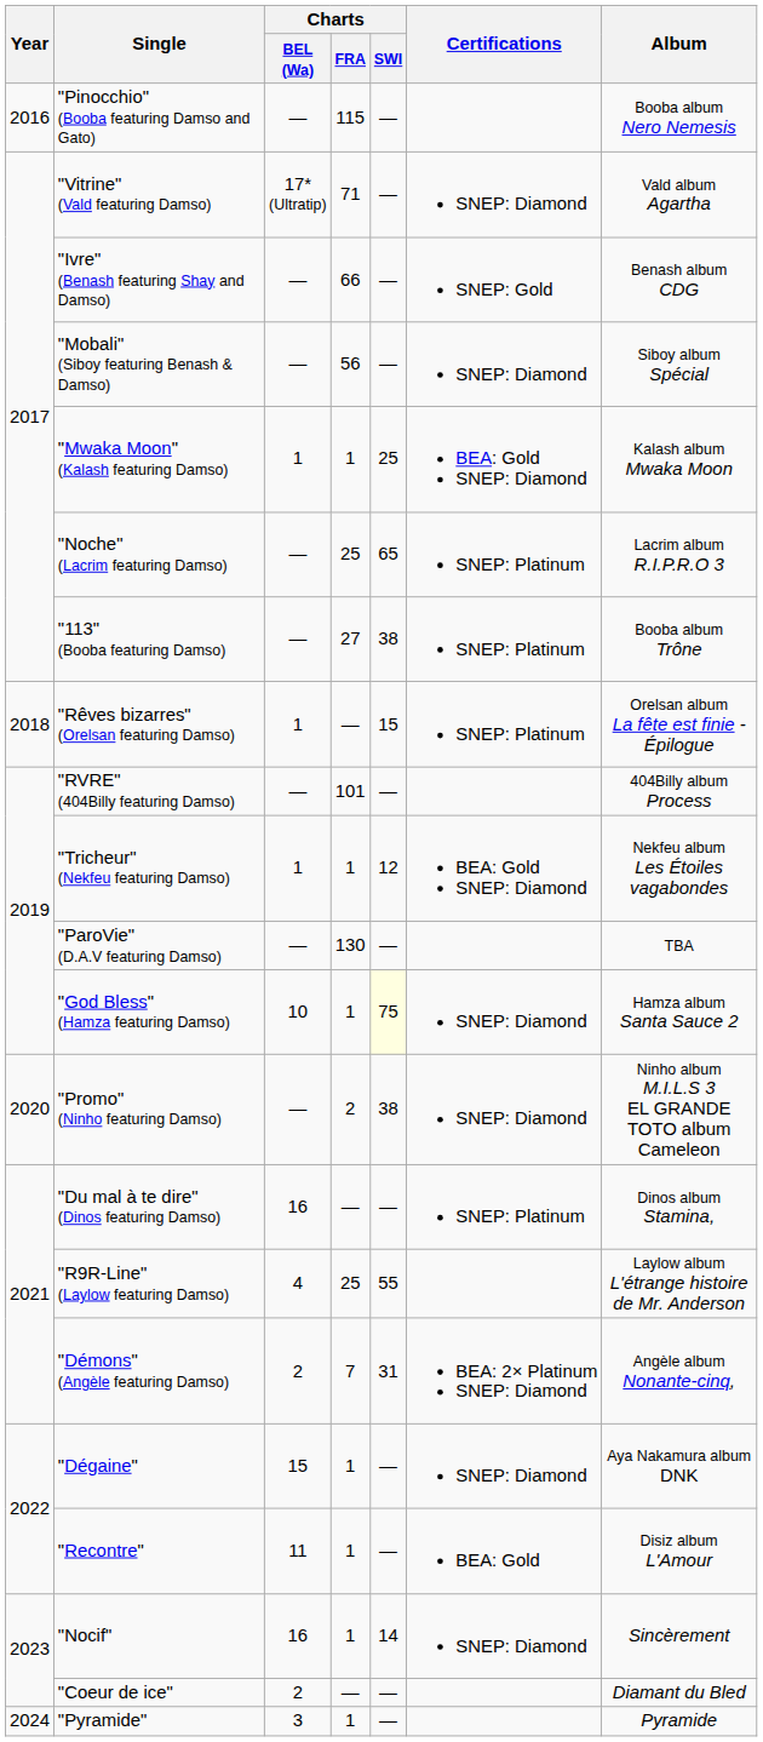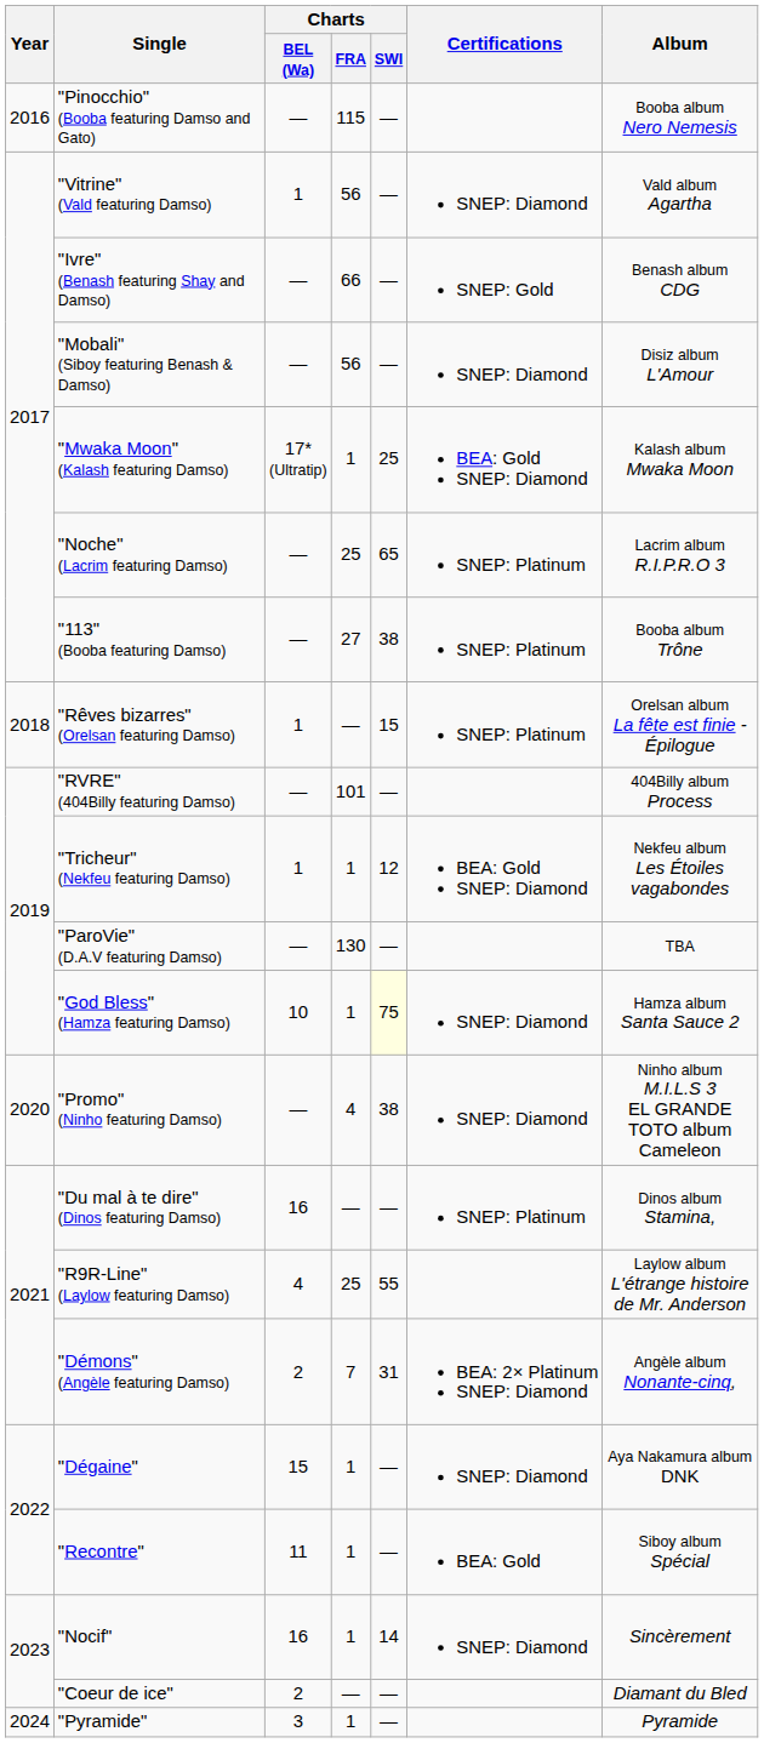 <table class="wikitable">
 <tr>
 <th style="text-align:center; width:10px" rowspan="2">Year</th>
 <th rowspan="2" style="text-align:center; width:180px;">Single</th>
 <th style="text-align:center;" colspan="3">Charts</th>
 <th align="center" rowspan="2"><a href='#'>Certifications</a></th>
 <th rowspan="2" style="text-align:center; width:130px;">Album</th>
 </tr>
 <tr>
 <th width="20"><small><a href='#'>BEL<br>(Wa)</a></small><br></th>
 <th width="20"><small><a href='#'>FRA</a></small><br></th>
 <th width="20"><small><a href='#'>SWI</a></small><br></th>
 </tr>
 <tr>
 <td style="text-align:center;">2016</td>
 <td>"Pinocchio"<br><small>(<a href='#'>Booba</a> featuring Damso and Gato)</small></td>
 <td style="text-align:center;">—</td>
 <td style="text-align:center;">115</td>
 <td style="text-align:center;">—</td>
 <td></td>
 <td style="text-align:center;"><small>Booba album</small> <br><em><a href='#'>Nero Nemesis</a></em></td>
 </tr>
 <tr>
 <td style="text-align:center;" rowspan="6">2017</td>
 <td>"Vitrine"<br><small>(<a href='#'>Vald</a> featuring Damso)</small></td>
-<td style="text-align:center;">17*<br><small>(Ultratip)</small></td>
-<td style="text-align:center;">71</td>
+<td style="text-align:center;">1</td>
+<td style="text-align:center;">56</td>
 <td style="text-align:center;">—</td>
 <td><br><ul><li>SNEP: Diamond</li></ul></td>
 <td style="text-align:center;"><small>Vald album</small> <br><em>Agartha</em></td>
 </tr>
 <tr>
 <td>"Ivre"<br><small>(<a href='#'>Benash</a> featuring <a href='#'>Shay</a> and Damso)</small></td>
 <td style="text-align:center;">—</td>
 <td style="text-align:center;">66</td>
 <td style="text-align:center;">—</td>
 <td><br><ul><li>SNEP: Gold</li></ul></td>
 <td style="text-align:center;"><small>Benash album</small> <br><em>CDG</em></td>
 </tr>
 <tr>
 <td>"Mobali"<br><small>(Siboy featuring Benash & Damso)</small></td>
 <td style="text-align:center;">—</td>
 <td style="text-align:center;">56</td>
 <td style="text-align:center;">—</td>
 <td><br><ul><li>SNEP: Diamond</li></ul></td>
-<td style="text-align:center;"><small>Siboy album</small> <br><em>Spécial</em></td>
+<td style="text-align:center;"><small>Disiz album</small> <br><em>L'Amour</em></td>
 </tr>
 <tr>
 <td>"<a href='#'>Mwaka Moon</a>"<br><small>(<a href='#'>Kalash</a> featuring Damso)</small></td>
-<td style="text-align:center;">1</td>
+<td style="text-align:center;">17*<br><small>(Ultratip)</small></td>
 <td style="text-align:center;">1</td>
 <td style="text-align:center;">25</td>
 <td><br><ul><li><a href='#'>BEA</a>: Gold</li><li>SNEP: Diamond</li></ul></td>
 <td style="text-align:center;"><small>Kalash album</small> <br><em>Mwaka Moon</em></td>
 </tr>
 <tr>
 <td>"Noche"<br><small>(<a href='#'>Lacrim</a> featuring Damso)</small></td>
 <td style="text-align:center;">—</td>
 <td style="text-align:center;">25</td>
 <td style="text-align:center;">65</td>
 <td><br><ul><li>SNEP: Platinum</li></ul></td>
 <td style="text-align:center;"><small>Lacrim album</small> <br><em>R.I.P.R.O 3</em></td>
 </tr>
 <tr>
 <td>"113"<br><small>(Booba featuring Damso)</small></td>
 <td style="text-align:center;">—</td>
 <td style="text-align:center;">27</td>
 <td style="text-align:center;">38</td>
 <td><br><ul><li>SNEP: Platinum</li></ul></td>
 <td style="text-align:center;"><small>Booba album</small> <br><em>Trône</em></td>
 </tr>
 <tr>
 <td style="text-align:center;">2018</td>
 <td>"Rêves bizarres"<br><small>(<a href='#'>Orelsan</a> featuring Damso)</small></td>
 <td style="text-align:center;">1</td>
 <td style="text-align:center;">—</td>
 <td style="text-align:center;">15</td>
 <td><br><ul><li>SNEP: Platinum</li></ul></td>
 <td style="text-align:center;"><small>Orelsan album</small> <br><em><a href='#'>La fête est finie</a> - Épilogue</em></td>
 </tr>
 <tr>
 <td style="text-align:center;" rowspan="4">2019</td>
 <td>"RVRE"<br><small>(404Billy featuring Damso)</small></td>
 <td style="text-align:center;">—</td>
 <td style="text-align:center;">101</td>
 <td style="text-align:center;">—</td>
 <td></td>
 <td style="text-align:center;"><small>404Billy album</small> <br><em>Process</em></td>
 </tr>
 <tr>
 <td>"Tricheur"<br><small>(<a href='#'>Nekfeu</a> featuring Damso)</small></td>
 <td style="text-align:center;">1</td>
 <td style="text-align:center;">1</td>
 <td style="text-align:center;">12</td>
 <td><br><ul><li>BEA: Gold</li><li>SNEP: Diamond</li></ul></td>
 <td style="text-align:center;"><small>Nekfeu album</small> <br><em>Les Étoiles vagabondes</em></td>
 </tr>
 <tr>
 <td>"ParoVie"<br><small>(D.A.V featuring Damso)</small></td>
 <td style="text-align:center;">—</td>
 <td style="text-align:center;">130</td>
 <td style="text-align:center;">—</td>
 <td></td>
 <td style="text-align:center;"><small>TBA</small></td>
 </tr>
 <tr>
 <td>"<a href='#'>God Bless</a>"<br><small>(<a href='#'>Hamza</a> featuring Damso)</small></td>
 <td style="text-align:center;">10</td>
 <td style="text-align:center;">1</td>
 <td style="background: lightyellow; text-align:center;">75</td>
 <td><br><ul><li>SNEP: Diamond</li></ul></td>
 <td style="text-align:center;"><small>Hamza album</small> <br><em>Santa Sauce 2</em></td>
 </tr>
 <tr>
 <td>2020</td>
 <td>"Promo"<br><small>(<a href='#'>Ninho</a> featuring Damso)</small></td>
 <td style="text-align:center;">—</td>
-<td style="text-align:center;">2</td>
+<td style="text-align:center;">4</td>
 <td style="text-align:center;">38</td>
 <td><br><ul><li>SNEP: Diamond</li></ul></td>
 <td style="text-align:center;"><small>Ninho album</small> <br><em>M.I.L.S 3</em><br>EL GRANDE TOTO  album  Cameleon</td>
 </tr>
 <tr>
 <td style="text-align:center;" rowspan=3>2021</td>
 <td>"Du mal à te dire"<br><small>(<a href='#'>Dinos</a> featuring Damso)</small></td>
 <td style="text-align:center;">16</td>
 <td style="text-align:center;">—</td>
 <td style="text-align:center;">—</td>
 <td><br><ul><li>SNEP: Platinum</li></ul></td>
 <td style="text-align:center;"><small>Dinos album</small> <br><em>Stamina,</em></td>
 </tr>
 <tr>
 <td>"R9R-Line"<br><small>(<a href='#'>Laylow</a> featuring Damso)</small></td>
 <td style="text-align:center;">4</td>
 <td style="text-align:center;">25</td>
 <td style="text-align:center;">55</td>
 <td></td>
 <td style="text-align:center;"><small>Laylow album</small> <br><em>L'étrange histoire de Mr. Anderson</em></td>
 </tr>
 <tr>
 <td>"<a href='#'>Démons</a>"<br><small>(<a href='#'>Angèle</a> featuring Damso)</small></td>
 <td style="text-align:center;">2</td>
 <td style="text-align:center;">7</td>
 <td style="text-align:center;">31</td>
 <td><br><ul><li>BEA: 2× Platinum</li><li>SNEP: Diamond</li></ul></td>
 <td style="text-align:center;"><small>Angèle album</small> <br><em><a href='#'>Nonante-cinq</a>,</em></td>
 </tr>
 <tr>
 <td style="text-align:center;" rowspan=2>2022</td>
 <td>"<a href='#'>Dégaine</a>"<br></td>
 <td style="text-align:center;">15</td>
 <td style="text-align:center;">1</td>
 <td style="text-align:center;">—</td>
 <td><br><ul><li>SNEP: Diamond</li></ul></td>
 <td style="text-align:center;"><small>Aya Nakamura album</small> <br>DNK</td>
 </tr>
 <tr>
 <td>"<a href='#'>Recontre</a>"<br></td>
 <td style="text-align:center;">11</td>
 <td style="text-align:center;">1</td>
 <td style="text-align:center;">—</td>
 <td><br><ul><li>BEA: Gold</li></ul></td>
-<td style="text-align:center;"><small>Disiz album</small> <br><em>L'Amour</em></td>
+<td style="text-align:center;"><small>Siboy album</small> <br><em>Spécial</em></td>
 </tr>
 <tr>
 <td style="text-align:center;" rowspan="2">2023</td>
 <td>"Nocif"<br></td>
 <td style="text-align:center;">16</td>
 <td style="text-align:center;">1</td>
 <td style="text-align:center;">14</td>
 <td><br><ul><li>SNEP: Diamond</li></ul></td>
 <td style="text-align:center;"><em>Sincèrement</em></td>
 </tr>
 <tr>
 <td>"Coeur de ice"<br></td>
 <td style="text-align:center;">2</td>
 <td style="text-align:center;">—</td>
 <td style="text-align:center;">—</td>
 <td></td>
 <td style="text-align:center;"><em>Diamant du Bled</em></td>
 </tr>
 <tr>
 <td style="text-align:center">2024</td>
 <td>"Pyramide"<br></td>
 <td style="text-align:center;">3</td>
 <td style="text-align:center;">1</td>
 <td style="text-align:center;">—</td>
 <td></td>
 <td style="text-align:center;"><em>Pyramide</em></td>
 </tr>
 </table>
